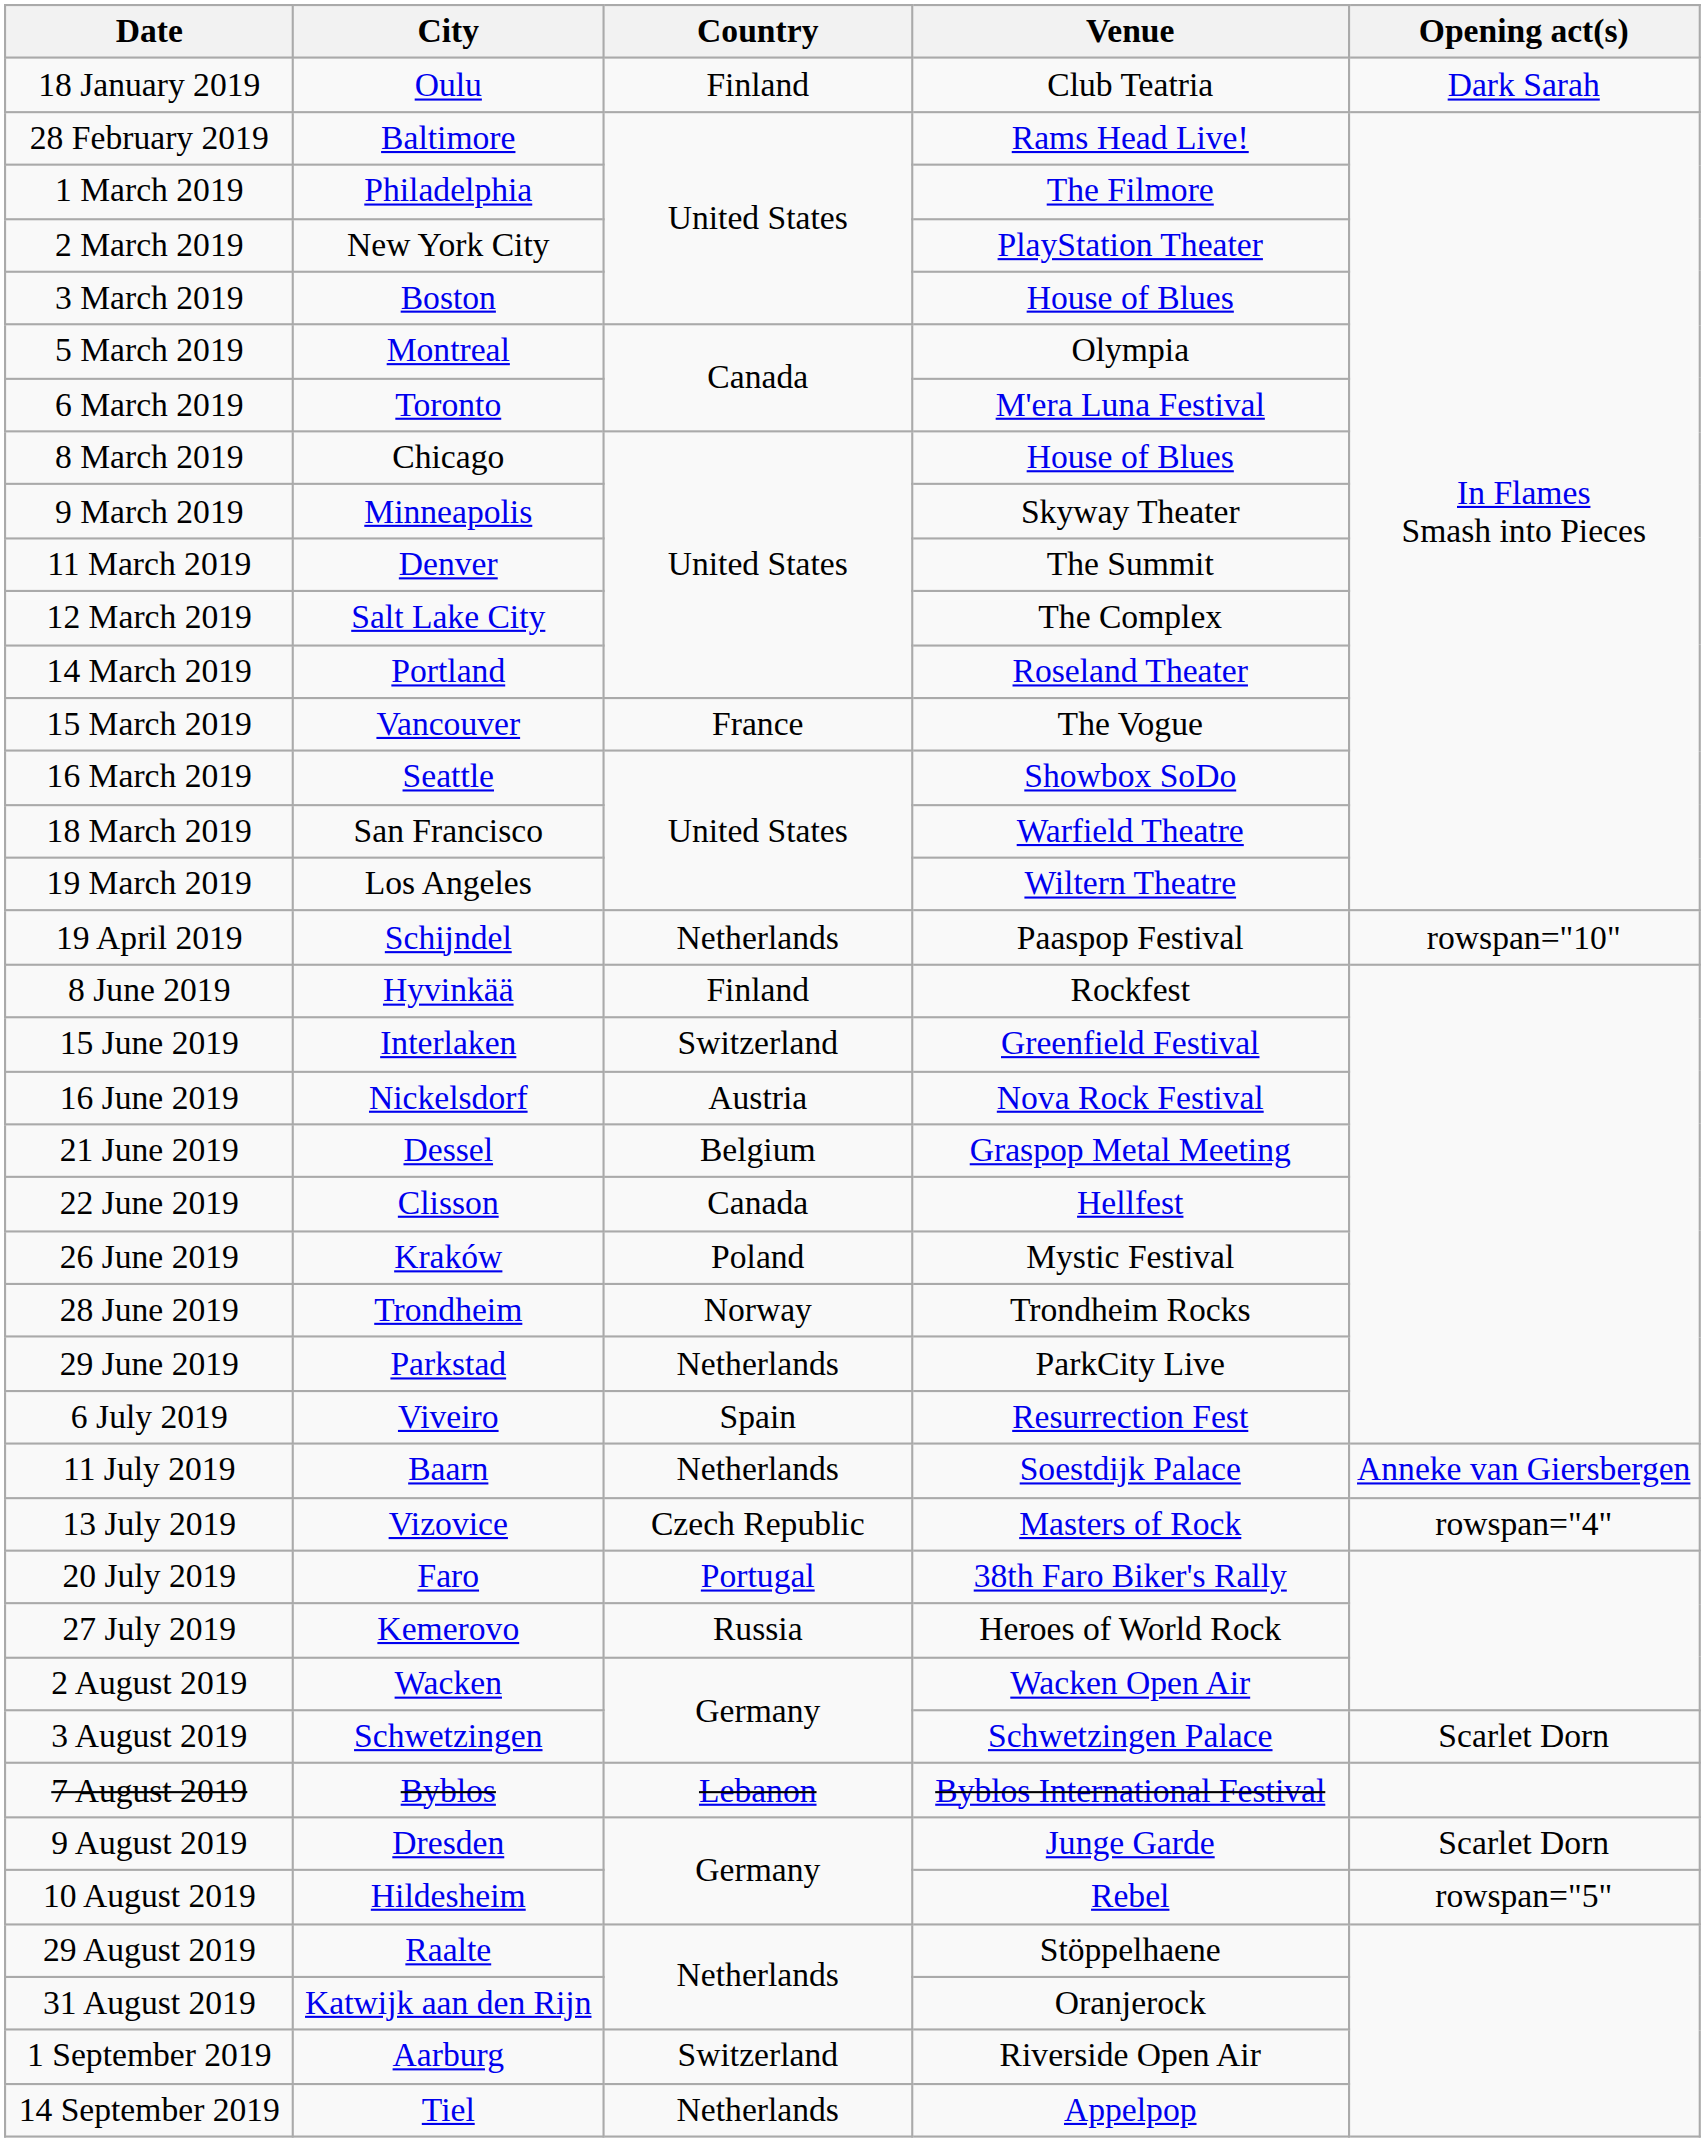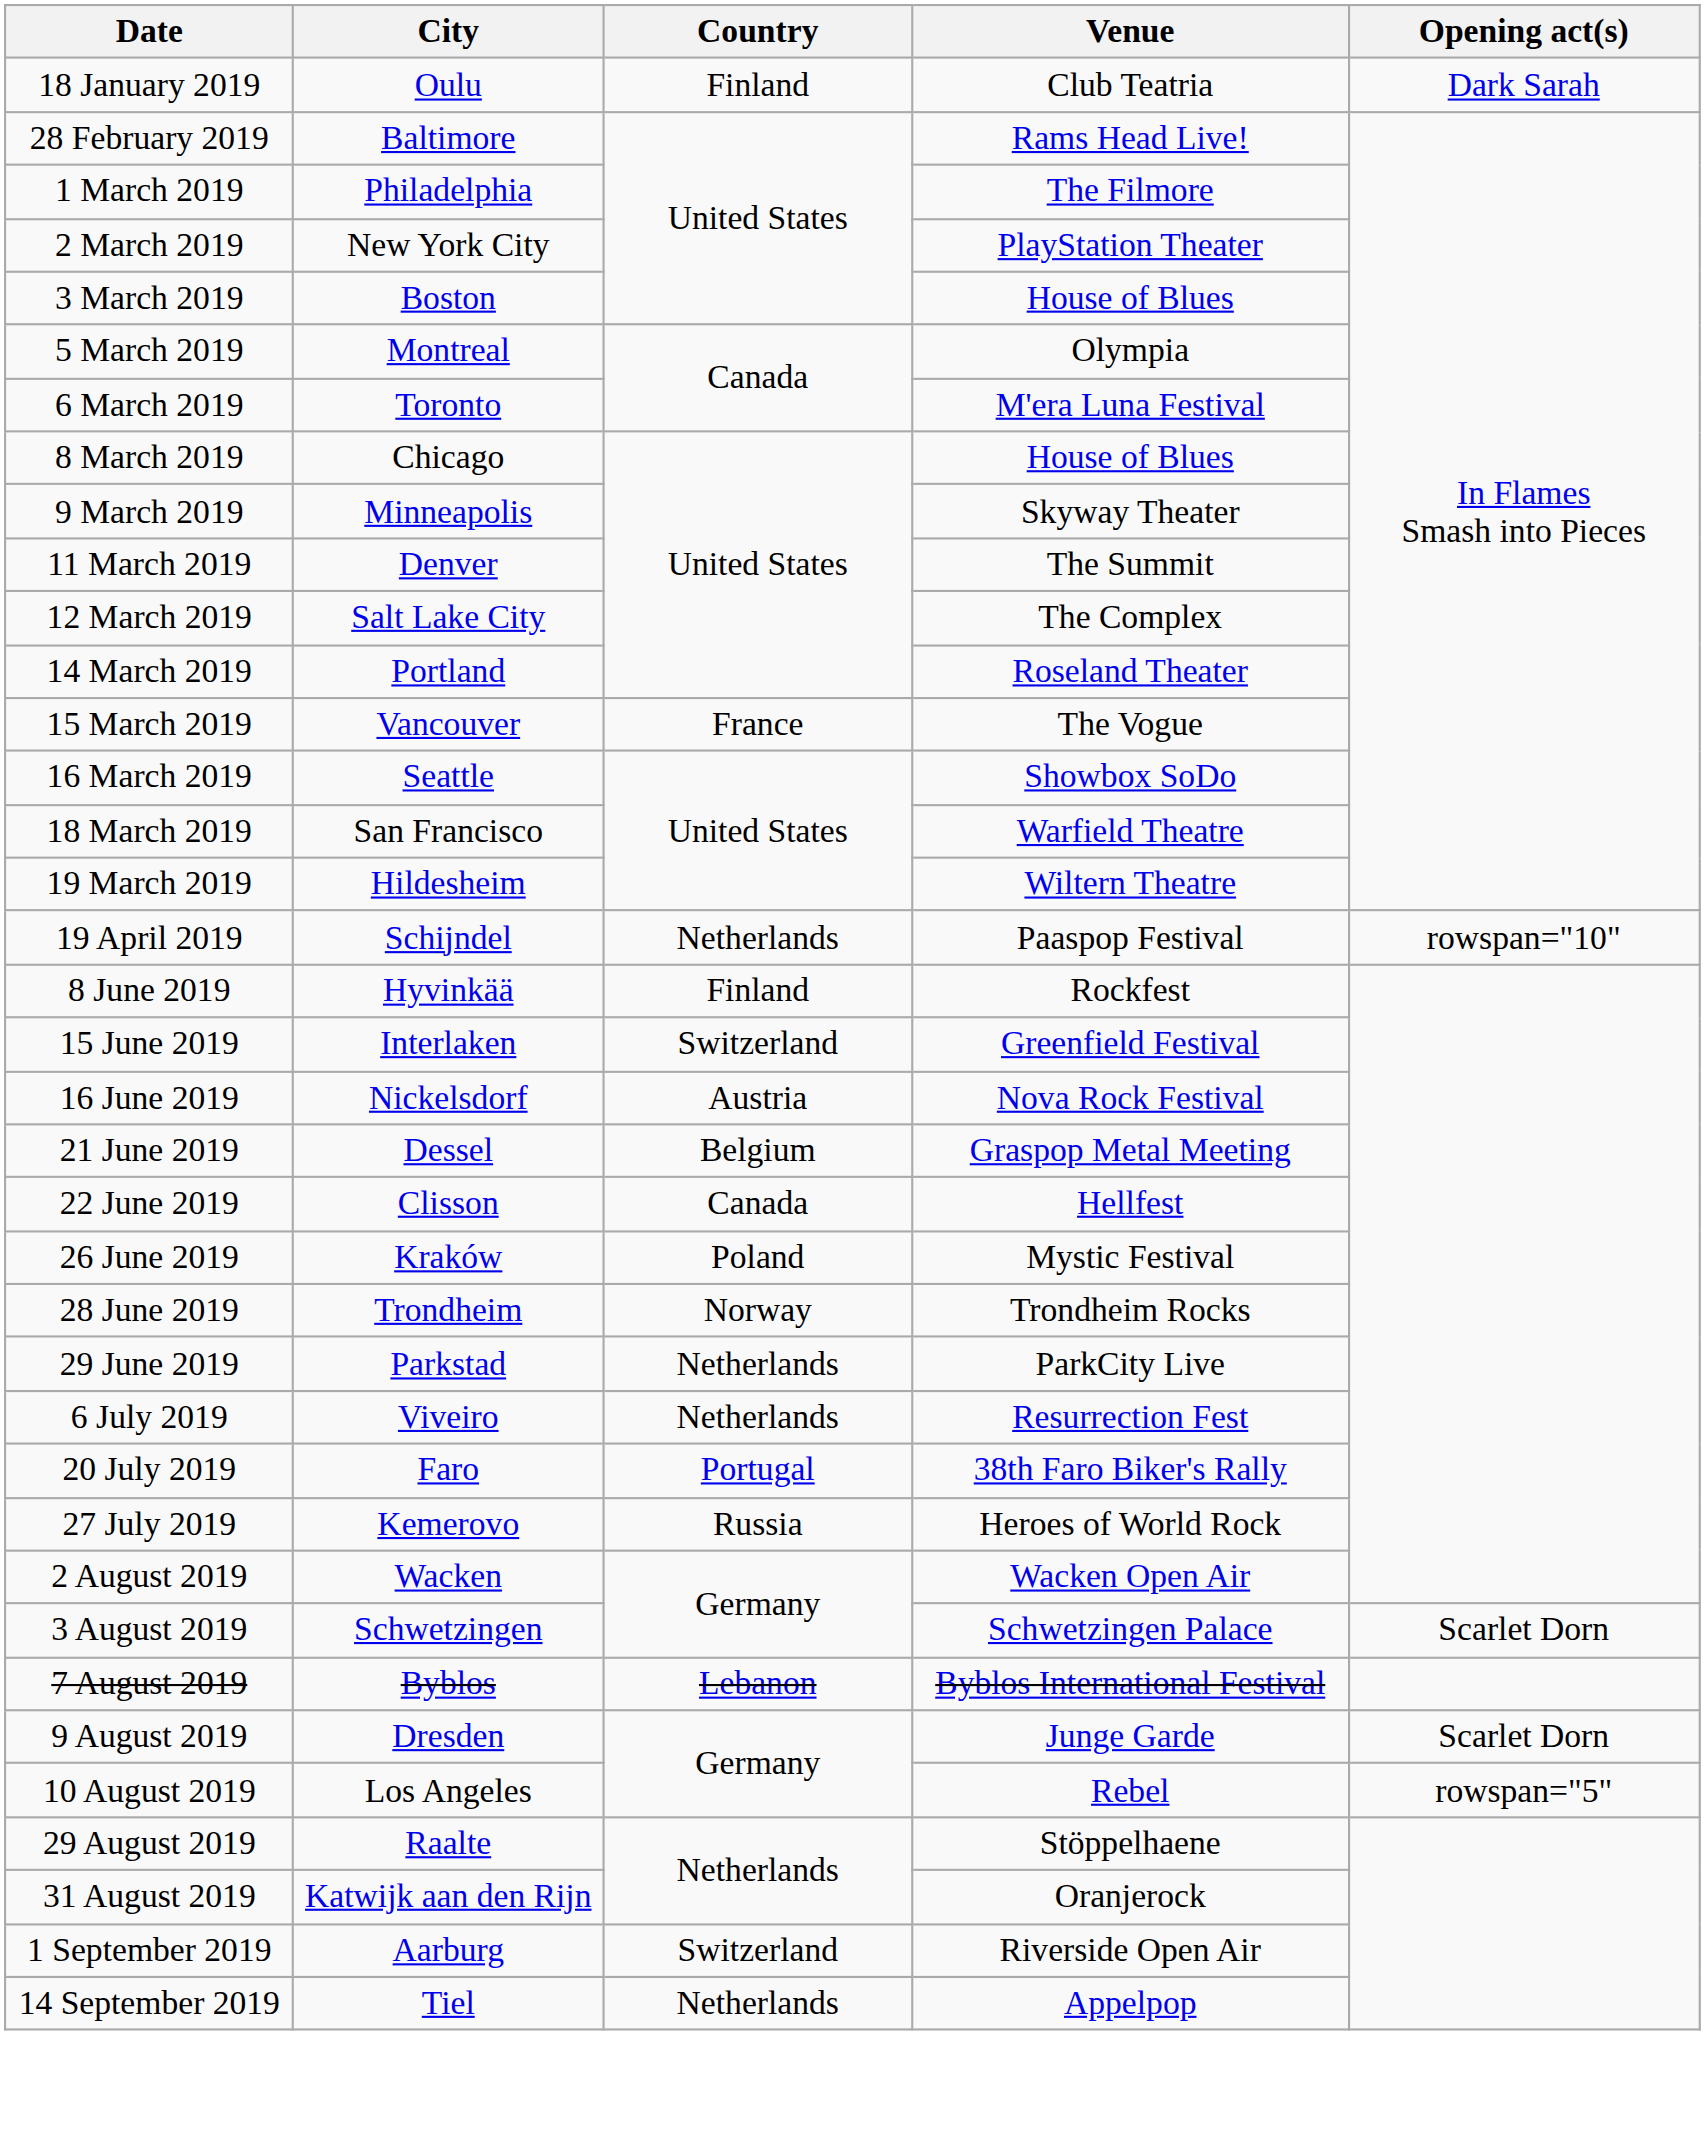 <table class="wikitable" style="text-align:center;">
 <tr>
 <th width="130">Date</th>
 <th width="140">City</th>
 <th width="140">Country</th>
 <th width="200">Venue</th>
 <th width="160">Opening act(s)</th>
 </tr>
 <tr>
 <td>18 January 2019</td>
 <td><a href='#'>Oulu</a></td>
 <td>Finland</td>
 <td>Club Teatria</td>
 <td><a href='#'>Dark Sarah</a></td>
 </tr>
 <tr>
 <td>28 February 2019</td>
 <td><a href='#'>Baltimore</a></td>
 <td rowspan="4">United States</td>
 <td><a href='#'>Rams Head Live!</a></td>
 <td rowspan="15"><a href='#'>In Flames</a><br> Smash into Pieces</td>
 </tr>
 <tr>
 <td>1 March 2019</td>
 <td><a href='#'>Philadelphia</a></td>
 <td><a href='#'>The Filmore</a></td>
 </tr>
 <tr>
 <td>2 March 2019</td>
 <td>New York City</td>
 <td><a href='#'>PlayStation Theater</a></td>
 </tr>
 <tr>
 <td>3 March 2019</td>
 <td><a href='#'>Boston</a></td>
 <td><a href='#'>House of Blues</a></td>
 </tr>
 <tr>
 <td>5 March 2019</td>
 <td><a href='#'>Montreal</a></td>
 <td rowspan="2">Canada</td>
 <td>Olympia</td>
 </tr>
 <tr>
 <td>6 March 2019</td>
 <td><a href='#'>Toronto</a></td>
 <td><a href='#'>M'era Luna Festival</a></td>
 </tr>
 <tr>
 <td>8 March 2019</td>
 <td>Chicago</td>
 <td rowspan="5">United States</td>
 <td><a href='#'>House of Blues</a></td>
 </tr>
 <tr>
 <td>9 March 2019</td>
 <td><a href='#'>Minneapolis</a></td>
 <td>Skyway Theater</td>
 </tr>
 <tr>
 <td>11 March 2019</td>
 <td><a href='#'>Denver</a></td>
 <td>The Summit</td>
 </tr>
 <tr>
 <td>12 March 2019</td>
 <td><a href='#'>Salt Lake City</a></td>
 <td>The Complex</td>
 </tr>
 <tr>
 <td>14 March 2019</td>
 <td><a href='#'>Portland</a></td>
 <td><a href='#'>Roseland Theater</a></td>
 </tr>
 <tr>
 <td>15 March 2019</td>
 <td><a href='#'>Vancouver</a></td>
 <td>France</td>
 <td>The Vogue</td>
 </tr>
 <tr>
 <td>16 March 2019</td>
 <td><a href='#'>Seattle</a></td>
 <td rowspan="3">United States</td>
 <td><a href='#'>Showbox SoDo</a></td>
 </tr>
 <tr>
 <td>18 March 2019</td>
 <td>San Francisco</td>
 <td><a href='#'>Warfield Theatre</a></td>
 </tr>
 <tr>
 <td>19 March 2019</td>
-<td>Los Angeles</td>
+<td><a href='#'>Hildesheim</a></td>
 <td><a href='#'>Wiltern Theatre</a></td>
 </tr>
 <tr>
 <td>19 April 2019</td>
 <td><a href='#'>Schijndel</a></td>
 <td>Netherlands</td>
 <td>Paaspop Festival</td>
 <td>rowspan="10" </td>
 </tr>
 <tr>
 <td>8 June 2019</td>
 <td><a href='#'>Hyvinkää</a></td>
 <td>Finland</td>
 <td>Rockfest</td>
 </tr>
 <tr>
 <td>15 June 2019</td>
 <td><a href='#'>Interlaken</a></td>
 <td>Switzerland</td>
 <td><a href='#'>Greenfield Festival</a></td>
 </tr>
 <tr>
 <td>16 June 2019</td>
 <td><a href='#'>Nickelsdorf</a></td>
 <td>Austria</td>
 <td><a href='#'>Nova Rock Festival</a></td>
 </tr>
 <tr>
 <td>21 June 2019</td>
 <td><a href='#'>Dessel</a></td>
 <td>Belgium</td>
 <td><a href='#'>Graspop Metal Meeting</a></td>
 </tr>
 <tr>
 <td>22 June 2019</td>
 <td><a href='#'>Clisson</a></td>
 <td>Canada</td>
 <td><a href='#'>Hellfest</a></td>
 </tr>
 <tr>
 <td>26 June 2019</td>
 <td><a href='#'>Kraków</a></td>
 <td>Poland</td>
 <td>Mystic Festival</td>
 </tr>
 <tr>
 <td>28 June 2019</td>
 <td><a href='#'>Trondheim</a></td>
 <td>Norway</td>
 <td>Trondheim Rocks</td>
 </tr>
 <tr>
 <td>29 June 2019</td>
 <td><a href='#'>Parkstad</a></td>
 <td>Netherlands</td>
 <td>ParkCity Live</td>
 </tr>
 <tr>
 <td>6 July 2019</td>
 <td><a href='#'>Viveiro</a></td>
-<td>Spain</td>
+<td>Netherlands</td>
 <td><a href='#'>Resurrection Fest</a></td>
-</tr>
-<tr>
-<td>11 July 2019</td>
-<td><a href='#'>Baarn</a></td>
-<td>Netherlands</td>
-<td><a href='#'>Soestdijk Palace</a></td>
-<td><a href='#'>Anneke van Giersbergen</a></td>
-</tr>
-<tr>
-<td>13 July 2019</td>
-<td><a href='#'>Vizovice</a></td>
-<td>Czech Republic</td>
-<td><a href='#'>Masters of Rock</a></td>
-<td>rowspan="4" </td>
 </tr>
 <tr>
 <td>20 July 2019</td>
 <td><a href='#'>Faro</a></td>
 <td><a href='#'>Portugal</a></td>
 <td><a href='#'>38th Faro Biker's Rally</a></td>
 </tr>
 <tr>
 <td>27 July 2019</td>
 <td><a href='#'>Kemerovo</a></td>
 <td>Russia</td>
 <td>Heroes of World Rock</td>
 </tr>
 <tr>
 <td>2 August 2019</td>
 <td><a href='#'>Wacken</a></td>
 <td rowspan="2">Germany</td>
 <td><a href='#'>Wacken Open Air</a></td>
 </tr>
 <tr>
 <td>3 August 2019</td>
 <td><a href='#'>Schwetzingen</a></td>
 <td><a href='#'>Schwetzingen Palace</a></td>
 <td>Scarlet Dorn</td>
 </tr>
 <tr>
 <td><s>7 August 2019</s></td>
 <td><s><a href='#'>Byblos</a></s></td>
 <td><s><a href='#'>Lebanon</a></s></td>
 <td><s><a href='#'>Byblos International Festival</a></s></td>
 <td></td>
 </tr>
 <tr>
 <td>9 August 2019</td>
 <td><a href='#'>Dresden</a></td>
 <td rowspan="2">Germany</td>
 <td><a href='#'>Junge Garde</a></td>
 <td>Scarlet Dorn</td>
 </tr>
 <tr>
 <td>10 August 2019</td>
-<td><a href='#'>Hildesheim</a></td>
+<td>Los Angeles</td>
 <td><a href='#'>Rebel</a></td>
 <td>rowspan="5" </td>
 </tr>
 <tr>
 <td>29 August 2019</td>
 <td><a href='#'>Raalte</a></td>
 <td rowspan="2">Netherlands</td>
 <td>Stöppelhaene</td>
 </tr>
 <tr>
 <td>31 August 2019</td>
 <td><a href='#'>Katwijk aan den Rijn</a></td>
 <td>Oranjerock</td>
 </tr>
 <tr>
 <td>1 September 2019</td>
 <td><a href='#'>Aarburg</a></td>
 <td>Switzerland</td>
 <td>Riverside Open Air</td>
 </tr>
 <tr>
 <td>14 September 2019</td>
 <td><a href='#'>Tiel</a></td>
 <td>Netherlands</td>
 <td><a href='#'>Appelpop</a></td>
 </tr>
 </table>
